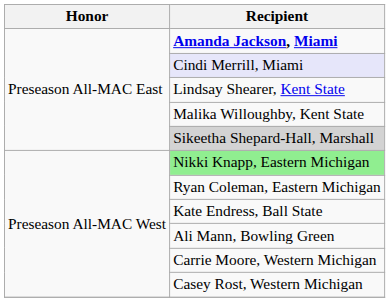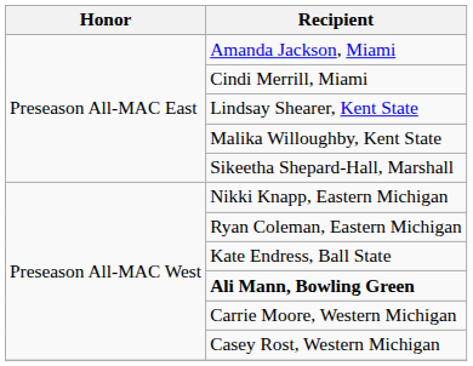 <table class="wikitable" border="1">
 <tr>
 <th>Honor</th>
 <th>Recipient</th>
 </tr>
 <tr>
 <td rowspan=5 valign=middle>Preseason All-MAC East</td>
-<td><strong><a href='#'>Amanda Jackson</a>, <a href='#'>Miami</a></strong></td>
+<td><a href='#'>Amanda Jackson</a>, <a href='#'>Miami</a></td>
 </tr>
 <tr>
-<td style="background: lavender;">Cindi Merrill, Miami</td>
+<td>Cindi Merrill, Miami</td>
 </tr>
 <tr>
 <td>Lindsay Shearer, <a href='#'>Kent State</a></td>
 </tr>
 <tr>
 <td>Malika Willoughby, Kent State</td>
 </tr>
 <tr>
-<td style="background: lightgrey;">Sikeetha Shepard-Hall, Marshall</td>
+<td>Sikeetha Shepard-Hall, Marshall</td>
 </tr>
 <tr>
 <td rowspan=6 valign=middle>Preseason All-MAC West</td>
-<td style="background: lightgreen;">Nikki Knapp, Eastern Michigan</td>
+<td>Nikki Knapp, Eastern Michigan</td>
 </tr>
 <tr>
 <td>Ryan Coleman, Eastern Michigan</td>
 </tr>
 <tr>
 <td>Kate Endress, Ball State</td>
 </tr>
 <tr>
-<td>Ali Mann, Bowling Green</td>
+<td><strong>Ali Mann, Bowling Green</strong></td>
 </tr>
 <tr>
 <td>Carrie Moore, Western Michigan</td>
 </tr>
 <tr>
 <td>Casey Rost, Western Michigan</td>
 </tr>
 <tr>
 </tr>
 </table>
